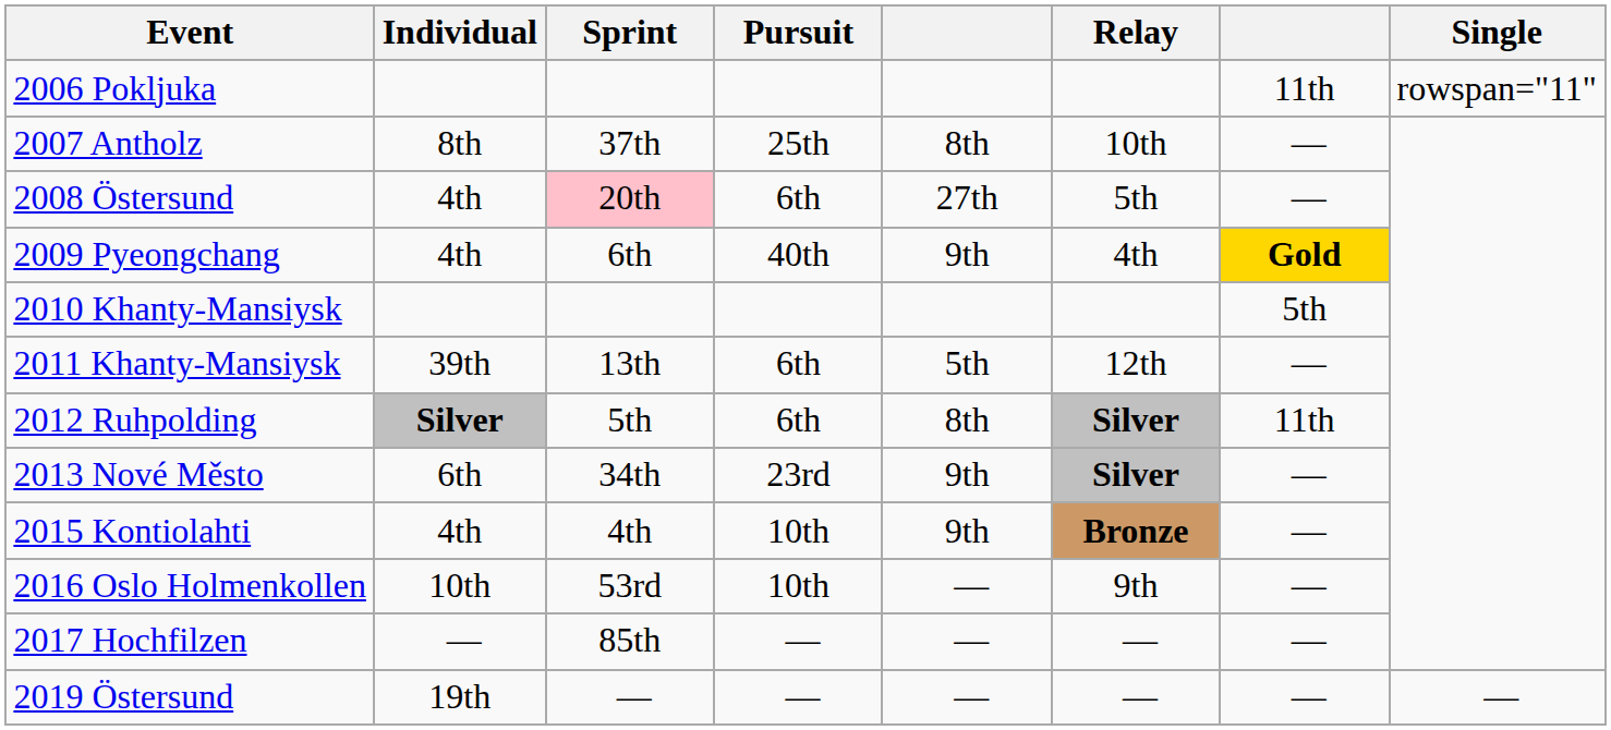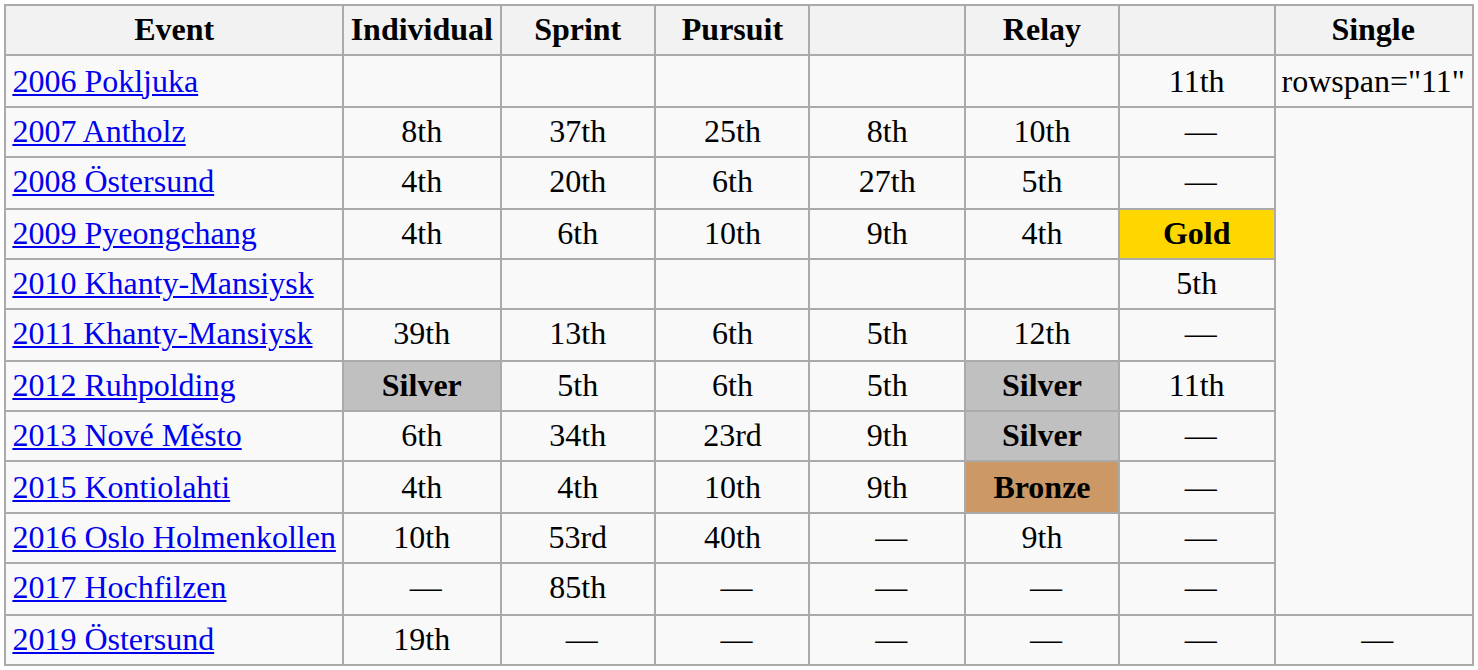 <table class="wikitable" style="text-align: center;">
 <tr>
 <th>Event</th>
 <th style="width:70px;">Individual</th>
 <th style="width:70px;">Sprint</th>
 <th style="width:70px;">Pursuit</th>
 <th style="width:70px;"></th>
 <th style="width:70px;">Relay</th>
 <th style="width:70px;"></th>
 <th style="width:70px;">Single </th>
 </tr>
 <tr>
 <td align=left> <a href='#'>2006 Pokljuka</a></td>
 <td></td>
 <td></td>
 <td></td>
 <td></td>
 <td></td>
 <td>11th</td>
 <td>rowspan="11" </td>
 </tr>
 <tr>
 <td align=left> <a href='#'>2007 Antholz</a></td>
 <td>8th</td>
 <td>37th</td>
 <td>25th</td>
 <td>8th</td>
 <td>10th</td>
 <td> —</td>
 </tr>
 <tr>
 <td align=left> <a href='#'>2008 Östersund</a></td>
 <td>4th</td>
-<td style="background: pink;">20th</td>
+<td>20th</td>
 <td>6th</td>
 <td>27th</td>
 <td>5th</td>
 <td> —</td>
 </tr>
 <tr>
 <td align=left> <a href='#'>2009 Pyeongchang</a></td>
 <td>4th</td>
 <td>6th</td>
-<td>40th</td>
+<td>10th</td>
 <td>9th</td>
 <td>4th</td>
 <td bgcolor="gold"><strong>Gold</strong></td>
 </tr>
 <tr>
 <td align=left> <a href='#'>2010 Khanty-Mansiysk</a></td>
 <td></td>
 <td></td>
 <td></td>
 <td></td>
 <td></td>
 <td>5th</td>
 </tr>
 <tr>
 <td align=left> <a href='#'>2011 Khanty-Mansiysk</a></td>
 <td>39th</td>
 <td>13th</td>
 <td>6th</td>
 <td>5th</td>
 <td>12th</td>
 <td> —</td>
 </tr>
 <tr>
 <td align=left> <a href='#'>2012 Ruhpolding</a></td>
 <td bgcolor="silver"><strong>Silver</strong></td>
 <td>5th</td>
 <td>6th</td>
-<td>8th</td>
+<td>5th</td>
 <td bgcolor="silver"><strong>Silver</strong></td>
 <td>11th</td>
 </tr>
 <tr>
 <td align=left> <a href='#'>2013 Nové Město</a></td>
 <td>6th</td>
 <td>34th</td>
 <td>23rd</td>
 <td>9th</td>
 <td align=center bgcolor="silver"><strong>Silver</strong></td>
 <td> —</td>
 </tr>
 <tr>
 <td align=left> <a href='#'>2015 Kontiolahti</a></td>
 <td>4th</td>
 <td>4th</td>
 <td>10th</td>
 <td>9th</td>
 <td align=center bgcolor=#cc9966><strong>Bronze</strong></td>
 <td> —</td>
 </tr>
 <tr>
 <td align=left> <a href='#'>2016 Oslo Holmenkollen</a></td>
 <td>10th</td>
 <td>53rd</td>
-<td>10th</td>
+<td>40th</td>
 <td> —</td>
 <td>9th</td>
 <td> —</td>
 </tr>
 <tr>
 <td align=left> <a href='#'>2017 Hochfilzen</a></td>
 <td> —</td>
 <td>85th</td>
 <td> —</td>
 <td> —</td>
 <td> —</td>
 <td> —</td>
 </tr>
 <tr>
 <td align=left> <a href='#'>2019 Östersund</a></td>
 <td>19th</td>
 <td> —</td>
 <td> —</td>
 <td> —</td>
 <td> —</td>
 <td> —</td>
 <td> —</td>
 </tr>
 </table>
